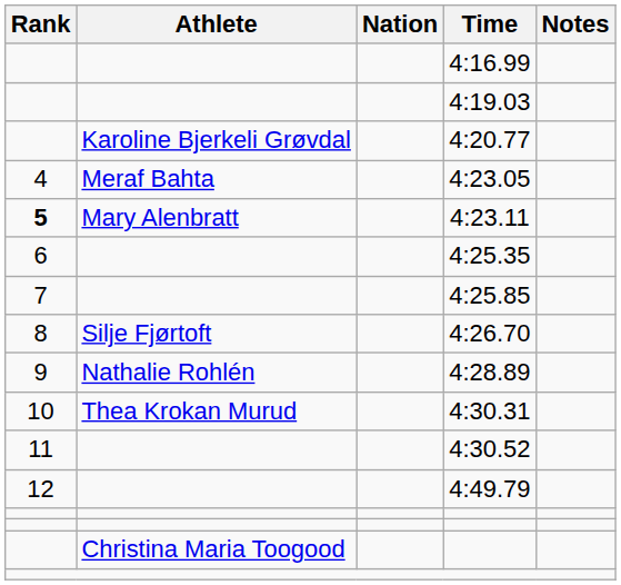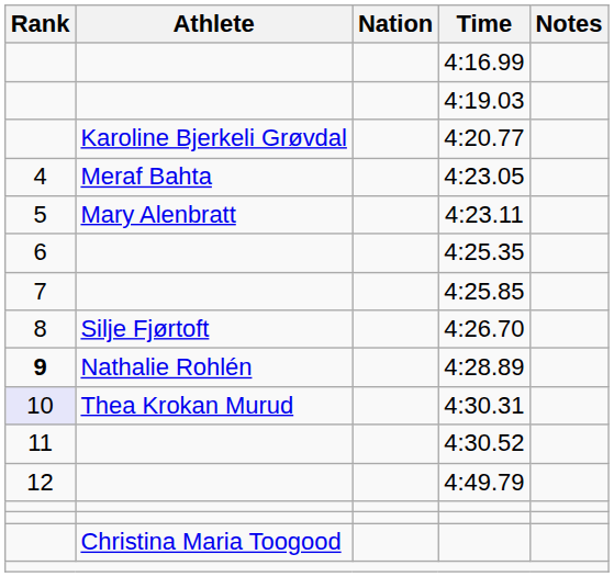 <table class="wikitable mw-datatable sortable" style="text-align:center;">
 <tr>
 <th scope="col" style="width: 10px;">Rank</th>
 <th scope="col">Athlete</th>
 <th scope="col">Nation</th>
 <th scope="col">Time</th>
 <th scope="col">Notes</th>
 </tr>
 <tr>
 <td></td>
 <td align="left"></td>
 <td align="left"></td>
 <td>4:16.99</td>
 <td></td>
 </tr>
 <tr>
 <td></td>
 <td align="left"></td>
 <td align="left"></td>
 <td>4:19.03</td>
 <td></td>
 </tr>
 <tr>
 <td></td>
 <td align="left"><a href='#'>Karoline Bjerkeli Grøvdal</a></td>
 <td align="left"></td>
 <td>4:20.77</td>
 <td></td>
 </tr>
 <tr>
 <td>4</td>
 <td align="left"><a href='#'>Meraf Bahta</a></td>
 <td align="left"></td>
 <td>4:23.05</td>
 <td></td>
 </tr>
 <tr>
-<td><strong>5</strong></td>
+<td>5</td>
 <td align="left"><a href='#'>Mary Alenbratt</a></td>
 <td align="left"></td>
 <td>4:23.11</td>
 <td></td>
 </tr>
 <tr>
 <td>6</td>
 <td align="left"></td>
 <td align="left"></td>
 <td>4:25.35</td>
 <td></td>
 </tr>
 <tr>
 <td>7</td>
 <td align="left"></td>
 <td align="left"></td>
 <td>4:25.85</td>
 <td></td>
 </tr>
 <tr>
 <td>8</td>
 <td align="left"><a href='#'>Silje Fjørtoft</a></td>
 <td align="left"></td>
 <td>4:26.70</td>
 <td></td>
 </tr>
 <tr>
-<td>9</td>
+<td><strong>9</strong></td>
 <td align="left"><a href='#'>Nathalie Rohlén</a></td>
 <td align="left"></td>
 <td>4:28.89</td>
 <td></td>
 </tr>
 <tr>
-<td>10</td>
+<td style="background: lavender;">10</td>
 <td align="left"><a href='#'>Thea Krokan Murud</a></td>
 <td align="left"></td>
 <td>4:30.31</td>
 <td></td>
 </tr>
 <tr>
 <td>11</td>
 <td align="left"></td>
 <td align="left"></td>
 <td>4:30.52</td>
 <td></td>
 </tr>
 <tr>
 <td>12</td>
 <td align="left"></td>
 <td align="left"></td>
 <td>4:49.79</td>
 <td></td>
 </tr>
 <tr>
 <td></td>
 <td align="left"></td>
 <td align="left"></td>
 <td></td>
 <td></td>
 </tr>
 <tr>
 <td></td>
 <td align="left"></td>
 <td align="left"></td>
 <td></td>
 <td></td>
 </tr>
 <tr>
 <td></td>
 <td align="left"><a href='#'>Christina Maria Toogood</a></td>
 <td align="left"></td>
 <td></td>
 <td></td>
 </tr>
 <tr class="sortbottom">
 <td colspan="5"></td>
 </tr>
 </table>
